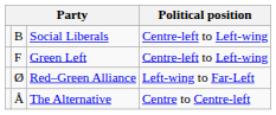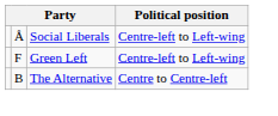 <table class="wikitable">
 <tr>
 <th colspan="3">Party</th>
 <th>Political position</th>
 </tr>
 <tr>
 <td></td>
-<td>B</td>
+<td>Å</td>
 <td><a href='#'>Social Liberals</a></td>
 <td><a href='#'>Centre-left</a> to <a href='#'>Left-wing</a></td>
 </tr>
 <tr>
 <td></td>
 <td>F</td>
 <td><a href='#'>Green Left</a></td>
 <td><a href='#'>Centre-left</a> to <a href='#'>Left-wing</a></td>
 </tr>
 <tr>
 <td></td>
-<td>Ø</td>
-<td><a href='#'>Red–Green Alliance</a></td>
-<td><a href='#'>Left-wing</a> to  <a href='#'>Far-Left</a></td>
-</tr>
-<tr>
-<td></td>
-<td>Å</td>
+<td>B</td>
 <td><a href='#'>The Alternative</a></td>
 <td><a href='#'>Centre</a> to <a href='#'>Centre-left</a></td>
 </tr>
 </table>
